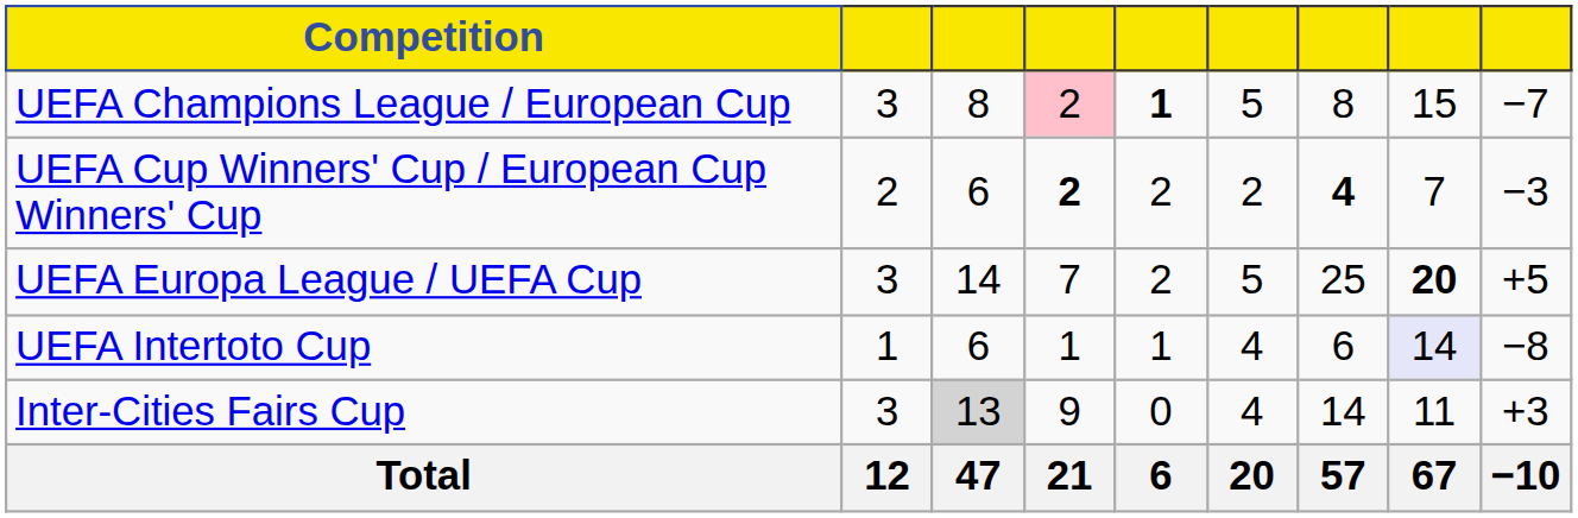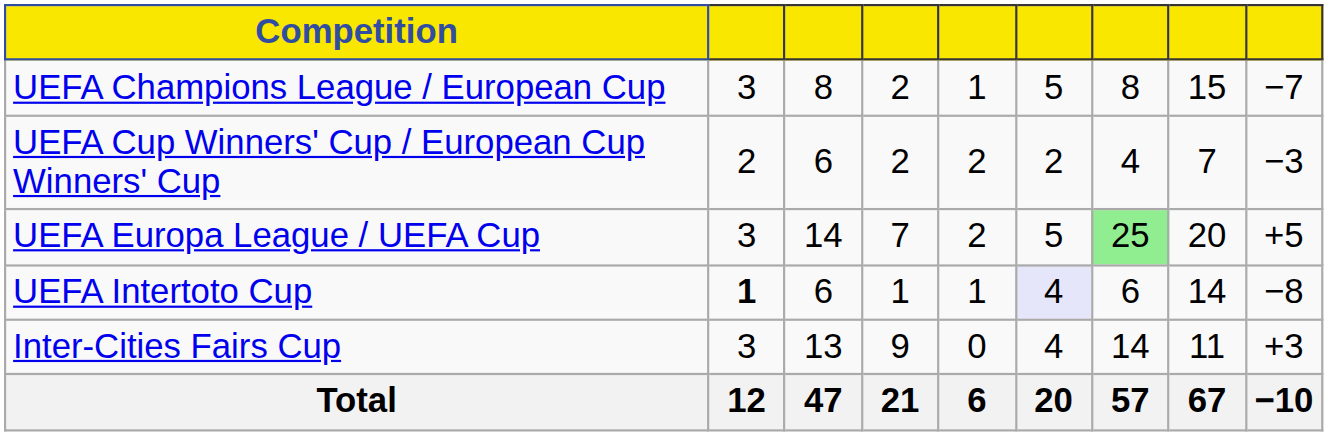 <table class="wikitable" style="text-align:center">
 <tr>
 <th style="background:#f9e700;color:#314da1;border:1px solid #314da1;">Competition</th>
 <th style="width:28px; background:#f9e700;color:#304da1;border:1px solid #373435;"></th>
 <th style="width:28px; background:#f9e700;color:#304da1;border:1px solid #373435;"></th>
 <th style="width:28px; background:#f9e700;color:#304da1;border:1px solid #373435;"></th>
 <th style="width:28px; background:#f9e700;color:#304da1;border:1px solid #373435;"></th>
 <th style="width:28px; background:#f9e700;color:#304da1;border:1px solid #373435;"></th>
 <th style="width:28px; background:#f9e700;color:#304da1;border:1px solid #373435;"></th>
 <th style="width:28px; background:#f9e700;color:#304da1;border:1px solid #373435;"></th>
 <th style="width:28px; background:#f9e700;color:#304da1;border:1px solid #373435;"></th>
 </tr>
 <tr>
 <td align=left><a href='#'>UEFA Champions League / European Cup</a></td>
 <td>3</td>
 <td>8</td>
-<td style="background: pink;">2</td>
-<td><strong>1</strong></td>
+<td>2</td>
+<td>1</td>
 <td>5</td>
 <td>8</td>
 <td>15</td>
 <td>−7</td>
 </tr>
 <tr>
 <td align=left><a href='#'>UEFA Cup Winners' Cup / European Cup Winners' Cup</a></td>
 <td>2</td>
 <td>6</td>
-<td><strong>2</strong></td>
 <td>2</td>
 <td>2</td>
-<td><strong>4</strong></td>
+<td>2</td>
+<td>4</td>
 <td>7</td>
 <td>−3</td>
 </tr>
 <tr>
 <td align=left><a href='#'>UEFA Europa League / UEFA Cup</a></td>
 <td>3</td>
 <td>14</td>
 <td>7</td>
 <td>2</td>
 <td>5</td>
-<td>25</td>
-<td><strong>20</strong></td>
+<td style="background: lightgreen;">25</td>
+<td>20</td>
 <td>+5</td>
 </tr>
 <tr>
 <td align=left><a href='#'>UEFA Intertoto Cup</a></td>
-<td>1</td>
+<td><strong>1</strong></td>
 <td>6</td>
 <td>1</td>
 <td>1</td>
-<td>4</td>
+<td style="background: lavender;">4</td>
 <td>6</td>
-<td style="background: lavender;">14</td>
+<td>14</td>
 <td>−8</td>
 </tr>
 <tr>
 <td align=left><a href='#'>Inter-Cities Fairs Cup</a></td>
 <td>3</td>
-<td style="background: lightgrey;">13</td>
+<td>13</td>
 <td>9</td>
 <td>0</td>
 <td>4</td>
 <td>14</td>
 <td>11</td>
 <td>+3</td>
 </tr>
 <tr>
 <th>Total</th>
 <th>12</th>
 <th>47</th>
 <th>21</th>
 <th>6</th>
 <th>20</th>
 <th>57</th>
 <th>67</th>
 <th>−10</th>
 </tr>
 </table>
